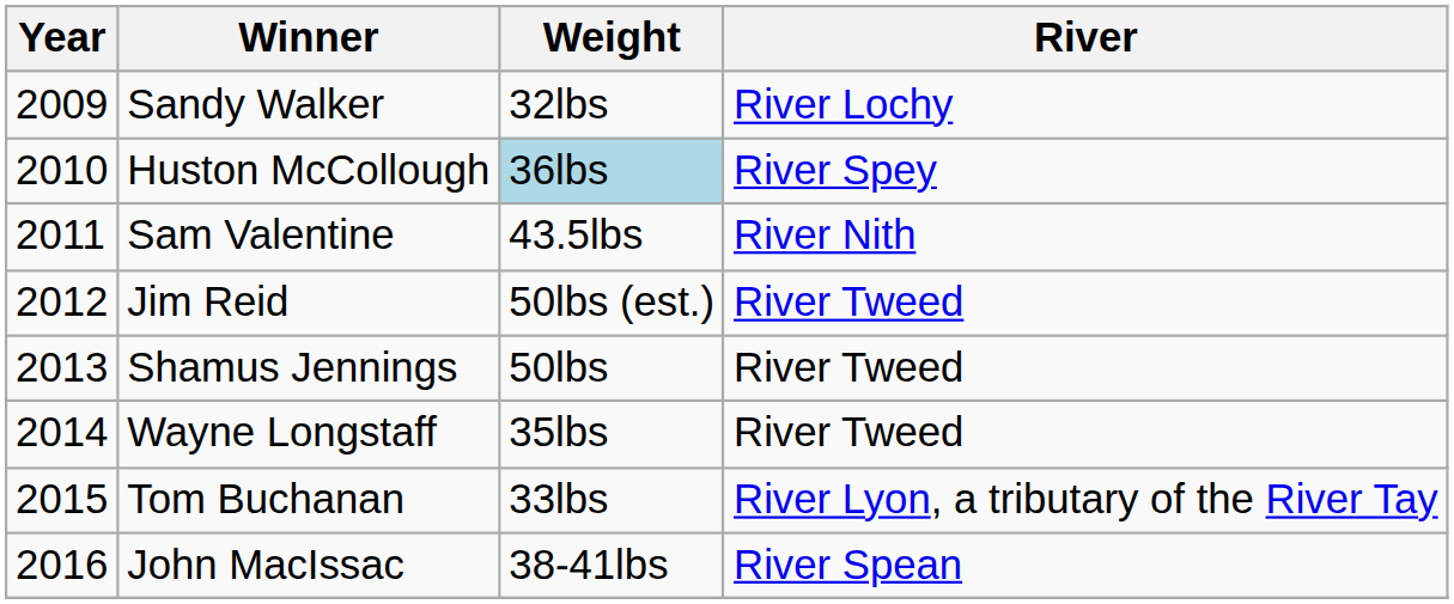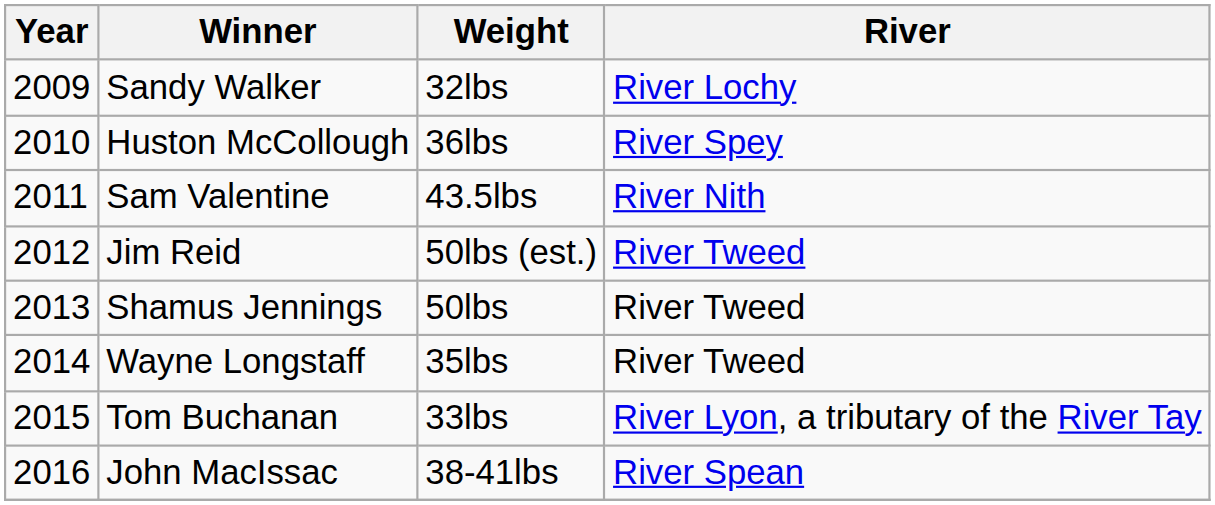 <table class="wikitable sortable">
 <tr>
 <th>Year</th>
 <th>Winner</th>
 <th>Weight</th>
 <th>River</th>
 </tr>
 <tr>
 <td>2009</td>
 <td>Sandy Walker</td>
 <td>32lbs</td>
 <td><a href='#'>River Lochy</a></td>
 </tr>
 <tr>
 <td>2010</td>
 <td>Huston McCollough</td>
-<td style="background: lightblue;">36lbs</td>
+<td>36lbs</td>
 <td><a href='#'>River Spey</a></td>
 </tr>
 <tr>
 <td>2011</td>
 <td>Sam Valentine</td>
 <td>43.5lbs</td>
 <td><a href='#'>River Nith</a></td>
 </tr>
 <tr>
 <td>2012</td>
 <td>Jim Reid</td>
 <td>50lbs (est.)</td>
 <td><a href='#'>River Tweed</a></td>
 </tr>
 <tr>
 <td>2013</td>
 <td>Shamus Jennings</td>
 <td>50lbs</td>
 <td>River Tweed</td>
 </tr>
 <tr>
 <td>2014</td>
 <td>Wayne Longstaff</td>
 <td>35lbs</td>
 <td>River Tweed</td>
 </tr>
 <tr>
 <td>2015</td>
 <td>Tom Buchanan</td>
 <td>33lbs</td>
 <td><a href='#'>River Lyon</a>, a tributary of the <a href='#'>River Tay</a></td>
 </tr>
 <tr>
 <td>2016</td>
 <td>John MacIssac</td>
 <td>38-41lbs</td>
 <td><a href='#'>River Spean</a></td>
 </tr>
 <tr>
 </tr>
 </table>
